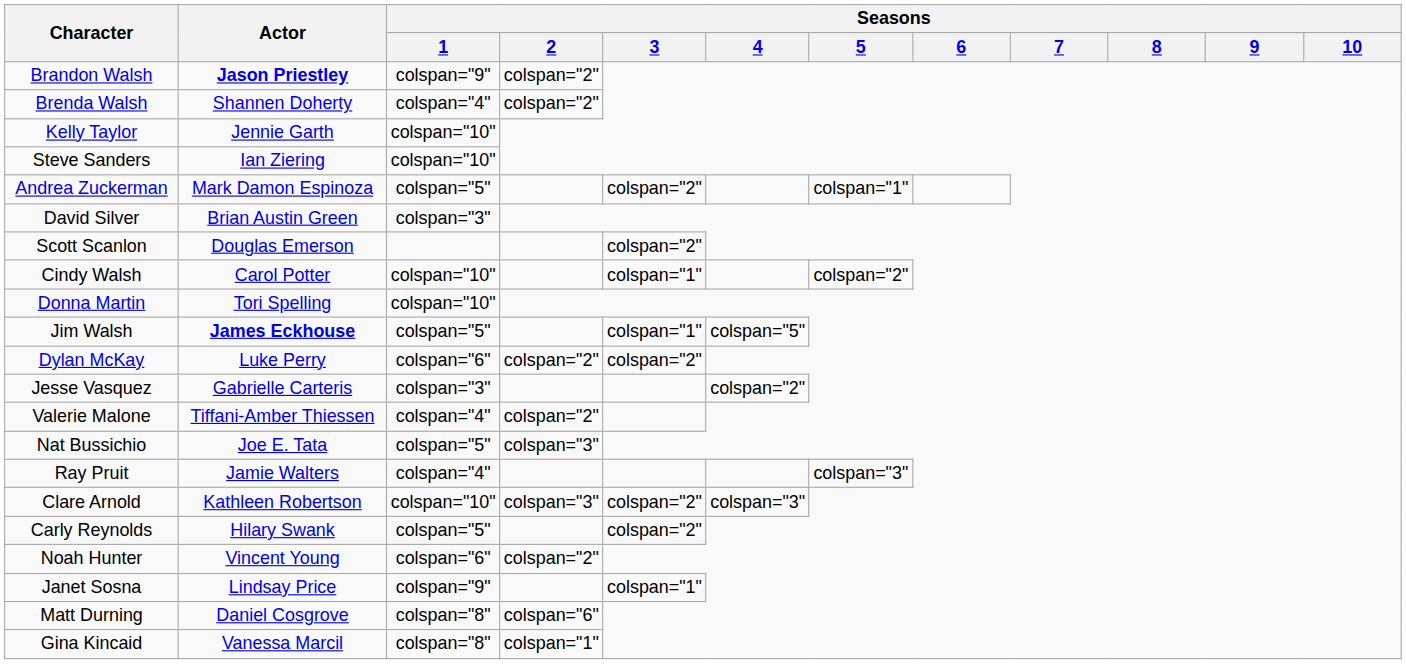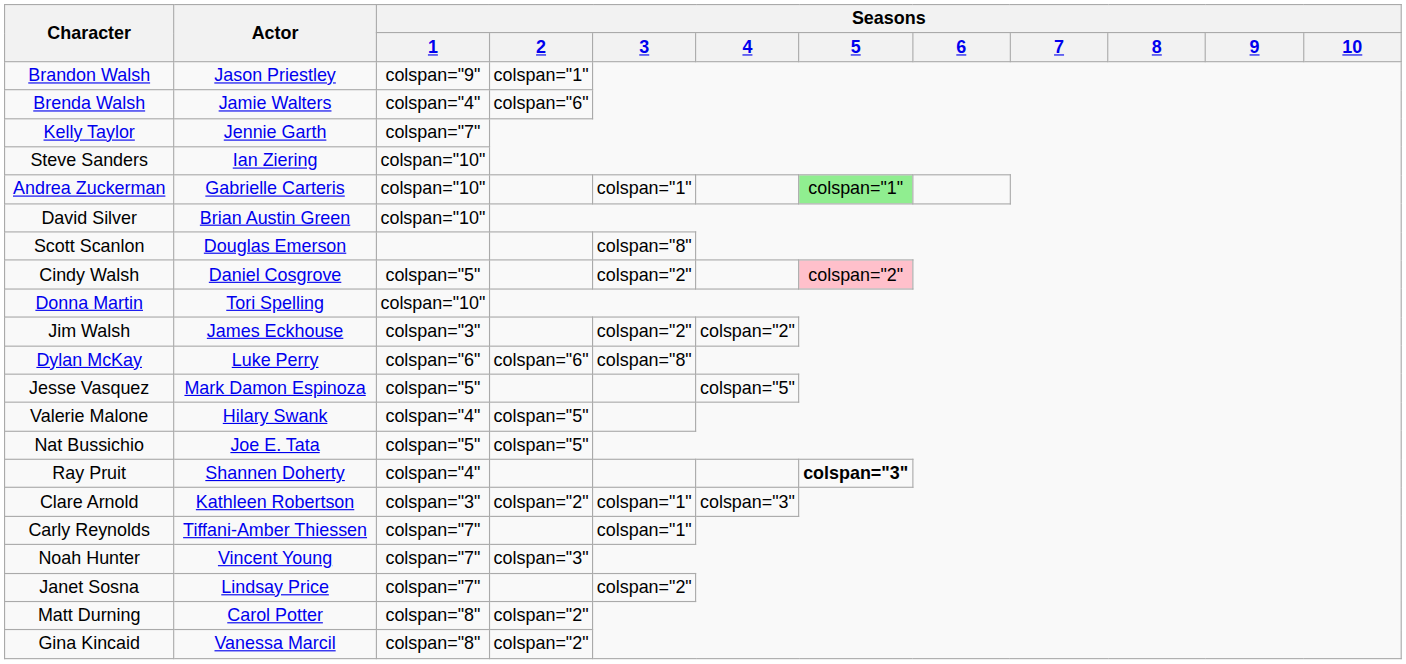 <table class="wikitable sortable" style="text-align:center">
 <tr>
 <th rowspan="2">Character</th>
 <th rowspan="2">Actor</th>
 <th colspan="10">Seasons</th>
 </tr>
 <tr>
 <th style="width:7%;"><a href='#'>1</a></th>
 <th style="width:7%;"><a href='#'>2</a></th>
 <th style="width:7%;"><a href='#'>3</a></th>
 <th style="width:7%;"><a href='#'>4</a></th>
 <th style="width:7%;"><a href='#'>5</a></th>
 <th style="width:7%;"><a href='#'>6</a></th>
 <th style="width:7%;"><a href='#'>7</a></th>
 <th style="width:7%;"><a href='#'>8</a></th>
 <th style="width:7%;"><a href='#'>9</a></th>
 <th style="width:7%;"><a href='#'>10</a></th>
 </tr>
 <tr>
 <td><a href='#'>Brandon Walsh</a></td>
-<td><strong><a href='#'>Jason Priestley</a></strong></td>
+<td><a href='#'>Jason Priestley</a></td>
 <td>colspan="9" </td>
-<td>colspan="2" </td>
+<td>colspan="1" </td>
 </tr>
 <tr>
 <td><a href='#'>Brenda Walsh</a></td>
-<td><a href='#'>Shannen Doherty</a></td>
+<td><a href='#'>Jamie Walters</a></td>
 <td>colspan="4" </td>
-<td>colspan="2" </td>
+<td>colspan="6" </td>
 </tr>
 <tr>
 <td><a href='#'>Kelly Taylor</a></td>
 <td><a href='#'>Jennie Garth</a></td>
-<td>colspan="10" </td>
+<td>colspan="7" </td>
 </tr>
 <tr>
 <td>Steve Sanders</td>
 <td><a href='#'>Ian Ziering</a></td>
 <td>colspan="10" </td>
 </tr>
 <tr>
 <td><a href='#'>Andrea Zuckerman</a></td>
-<td><a href='#'>Mark Damon Espinoza</a></td>
-<td>colspan="5" </td>
-<td></td>
-<td>colspan="2" </td>
+<td><a href='#'>Gabrielle Carteris</a></td>
+<td>colspan="10" </td>
 <td></td>
 <td>colspan="1" </td>
+<td></td>
+<td style="background: lightgreen;">colspan="1" </td>
 <td></td>
 </tr>
 <tr>
 <td>David Silver</td>
 <td><a href='#'>Brian Austin Green</a></td>
-<td>colspan="3" </td>
+<td>colspan="10" </td>
 </tr>
 <tr>
 <td>Scott Scanlon</td>
 <td><a href='#'>Douglas Emerson</a></td>
 <td></td>
 <td></td>
-<td>colspan="2" </td>
+<td>colspan="8" </td>
 </tr>
 <tr>
 <td>Cindy Walsh</td>
-<td><a href='#'>Carol Potter</a></td>
-<td>colspan="10" </td>
-<td></td>
-<td>colspan="1" </td>
+<td><a href='#'>Daniel Cosgrove</a></td>
+<td>colspan="5" </td>
 <td></td>
 <td>colspan="2" </td>
+<td></td>
+<td style="background: pink;">colspan="2" </td>
 </tr>
 <tr>
 <td><a href='#'>Donna Martin</a></td>
 <td><a href='#'>Tori Spelling</a></td>
 <td>colspan="10" </td>
 </tr>
 <tr>
 <td>Jim Walsh</td>
-<td><strong><a href='#'>James Eckhouse</a></strong></td>
-<td>colspan="5" </td>
+<td><a href='#'>James Eckhouse</a></td>
+<td>colspan="3" </td>
 <td></td>
-<td>colspan="1" </td>
-<td>colspan="5" </td>
+<td>colspan="2" </td>
+<td>colspan="2" </td>
 </tr>
 <tr>
 <td><a href='#'>Dylan McKay</a></td>
 <td><a href='#'>Luke Perry</a></td>
 <td>colspan="6" </td>
-<td>colspan="2" </td>
-<td>colspan="2" </td>
+<td>colspan="6" </td>
+<td>colspan="8" </td>
 </tr>
 <tr>
 <td>Jesse Vasquez</td>
-<td><a href='#'>Gabrielle Carteris</a></td>
-<td>colspan="3" </td>
+<td><a href='#'>Mark Damon Espinoza</a></td>
+<td>colspan="5" </td>
 <td></td>
 <td></td>
-<td>colspan="2" </td>
+<td>colspan="5" </td>
 </tr>
 <tr>
 <td>Valerie Malone</td>
-<td><a href='#'>Tiffani-Amber Thiessen</a></td>
+<td><a href='#'>Hilary Swank</a></td>
 <td>colspan="4" </td>
-<td>colspan="2" </td>
+<td>colspan="5" </td>
 <td></td>
 </tr>
 <tr>
 <td>Nat Bussichio</td>
 <td><a href='#'>Joe E. Tata</a></td>
 <td>colspan="5" </td>
-<td>colspan="3" </td>
+<td>colspan="5" </td>
 </tr>
 <tr>
 <td>Ray Pruit</td>
-<td><a href='#'>Jamie Walters</a></td>
+<td><a href='#'>Shannen Doherty</a></td>
 <td>colspan="4" </td>
 <td></td>
 <td></td>
 <td></td>
-<td>colspan="3" </td>
+<td><strong>colspan="3" </strong></td>
 </tr>
 <tr>
 <td>Clare Arnold</td>
 <td><a href='#'>Kathleen Robertson</a></td>
-<td>colspan="10" </td>
 <td>colspan="3" </td>
 <td>colspan="2" </td>
+<td>colspan="1" </td>
 <td>colspan="3" </td>
 </tr>
 <tr>
 <td>Carly Reynolds</td>
-<td><a href='#'>Hilary Swank</a></td>
-<td>colspan="5" </td>
+<td><a href='#'>Tiffani-Amber Thiessen</a></td>
+<td>colspan="7" </td>
+<td></td>
+<td>colspan="1" </td>
+</tr>
+<tr>
+<td>Noah Hunter</td>
+<td><a href='#'>Vincent Young</a></td>
+<td>colspan="7" </td>
+<td>colspan="3" </td>
+</tr>
+<tr>
+<td>Janet Sosna</td>
+<td><a href='#'>Lindsay Price</a></td>
+<td>colspan="7" </td>
 <td></td>
 <td>colspan="2" </td>
 </tr>
 <tr>
-<td>Noah Hunter</td>
-<td><a href='#'>Vincent Young</a></td>
-<td>colspan="6" </td>
+<td>Matt Durning</td>
+<td><a href='#'>Carol Potter</a></td>
+<td>colspan="8" </td>
 <td>colspan="2" </td>
-</tr>
-<tr>
-<td>Janet Sosna</td>
-<td><a href='#'>Lindsay Price</a></td>
-<td>colspan="9" </td>
-<td></td>
-<td>colspan="1" </td>
-</tr>
-<tr>
-<td>Matt Durning</td>
-<td><a href='#'>Daniel Cosgrove</a></td>
-<td>colspan="8" </td>
-<td>colspan="6" </td>
 </tr>
 <tr>
 <td>Gina Kincaid</td>
 <td><a href='#'>Vanessa Marcil</a></td>
 <td>colspan="8" </td>
-<td>colspan="1" </td>
+<td>colspan="2" </td>
 </tr>
 </table>
